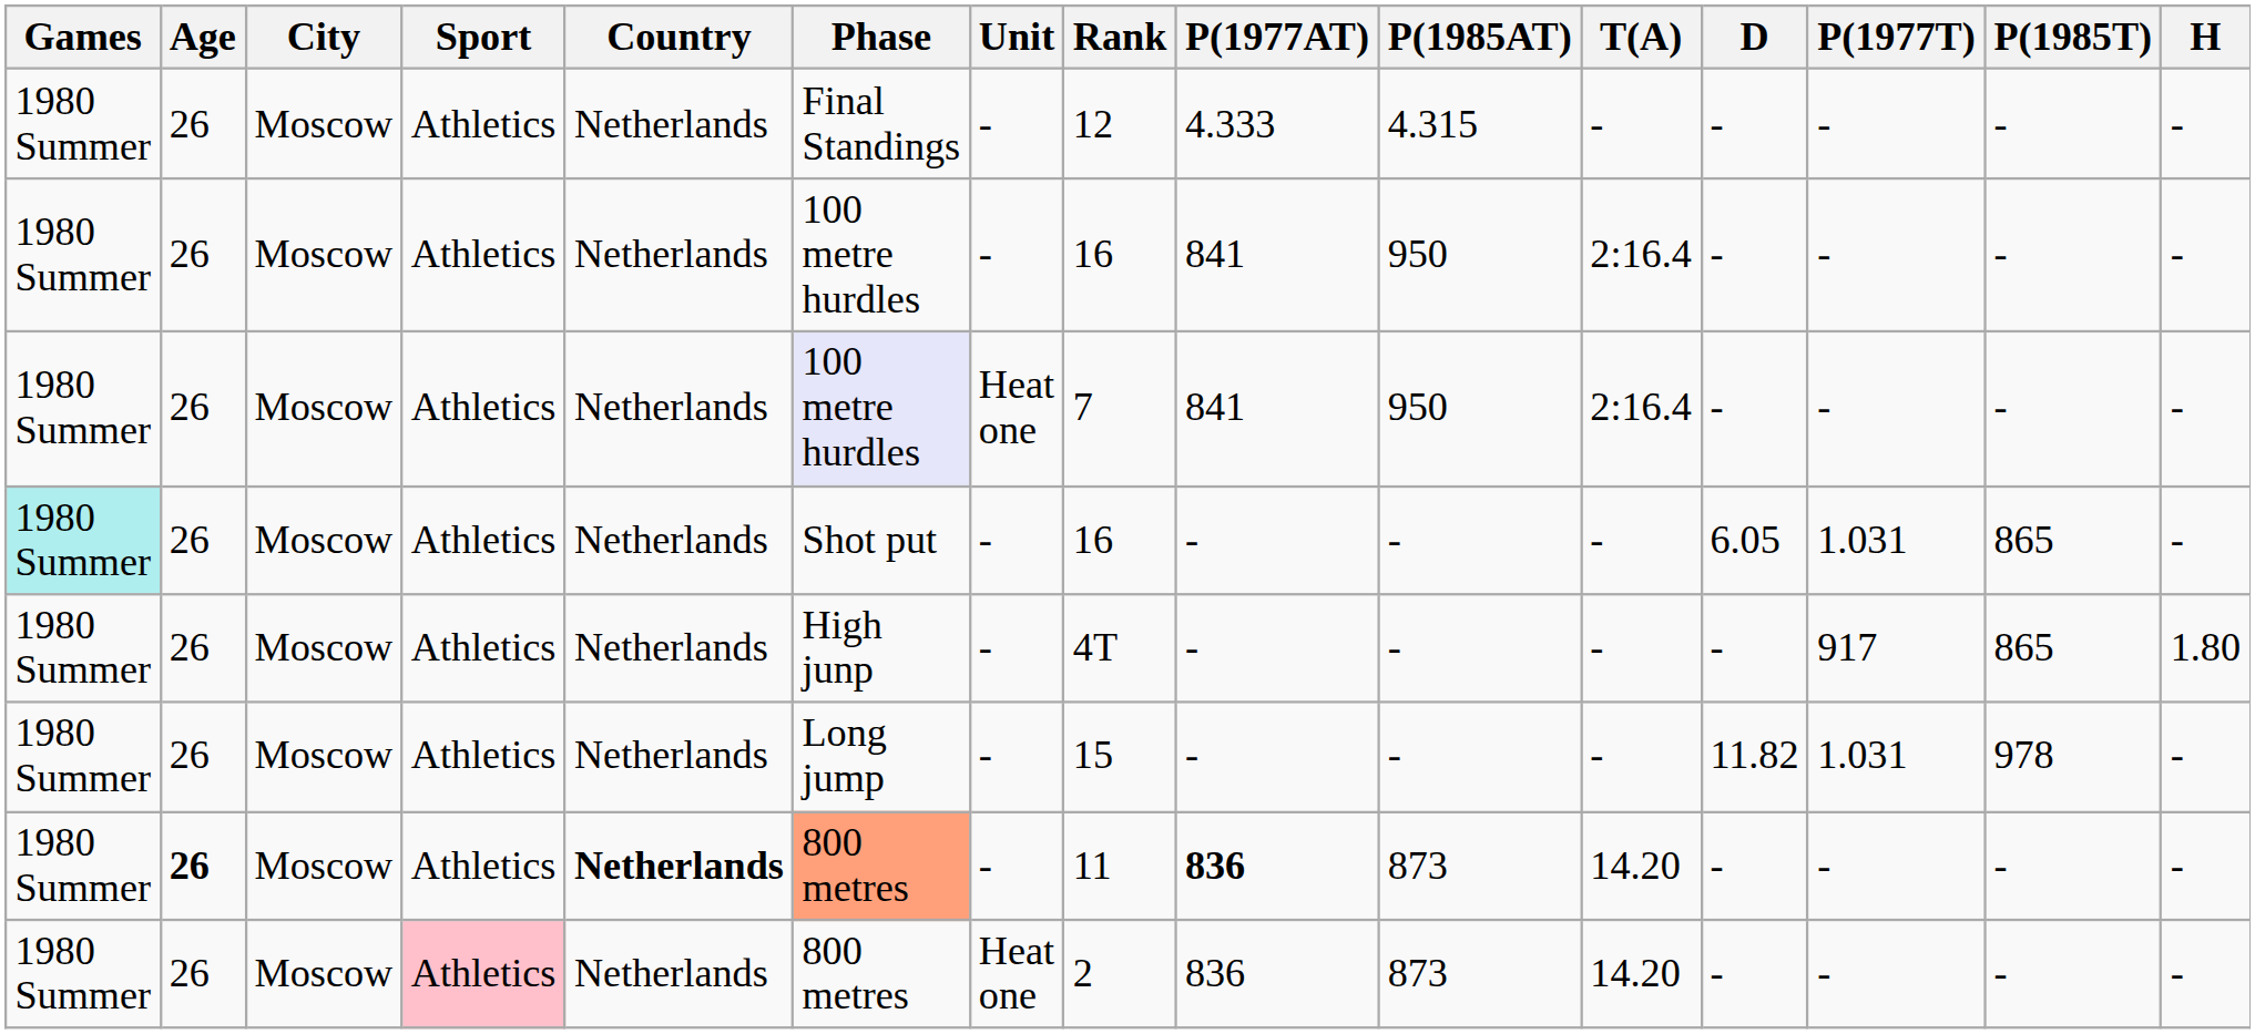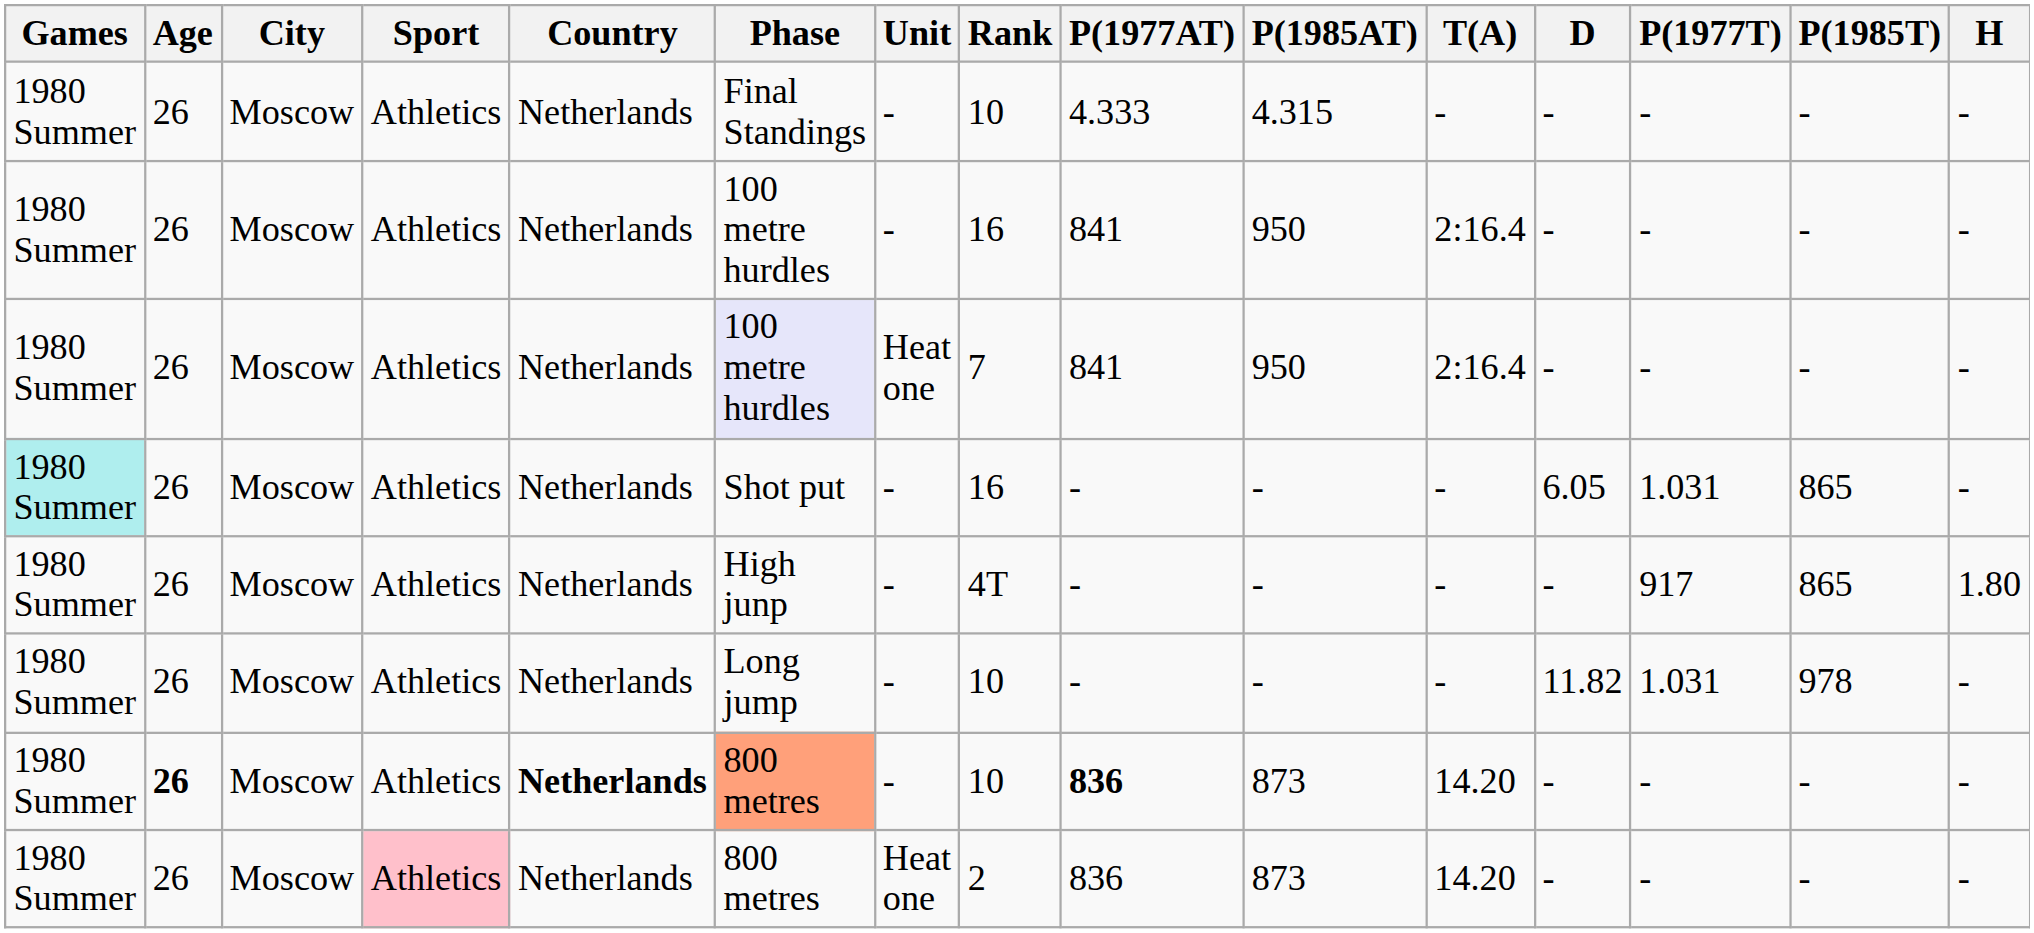 <table class="wikitable">
 <tr>
 <th>Games</th>
 <th>Age</th>
 <th>City</th>
 <th>Sport</th>
 <th>Country</th>
 <th>Phase</th>
 <th>Unit</th>
 <th>Rank</th>
 <th>P(1977AT)</th>
 <th>P(1985AT)</th>
 <th>T(A)</th>
 <th>D</th>
 <th>P(1977T)</th>
 <th>P(1985T)</th>
 <th>H</th>
 </tr>
 <tr>
 <td>1980 Summer</td>
 <td>26</td>
 <td>Moscow</td>
 <td>Athletics</td>
 <td>Netherlands</td>
 <td>Final Standings</td>
 <td>-</td>
-<td>12</td>
+<td>10</td>
 <td>4.333</td>
 <td>4.315</td>
 <td>-</td>
 <td>-</td>
 <td>-</td>
 <td>-</td>
 <td>-</td>
 </tr>
 <tr>
 <td>1980 Summer</td>
 <td>26</td>
 <td>Moscow</td>
 <td>Athletics</td>
 <td>Netherlands</td>
 <td>100 metre hurdles</td>
 <td>-</td>
 <td>16</td>
 <td>841</td>
 <td>950</td>
 <td>2:16.4</td>
 <td>-</td>
 <td>-</td>
 <td>-</td>
 <td>-</td>
 </tr>
 <tr>
 <td>1980 Summer</td>
 <td>26</td>
 <td>Moscow</td>
 <td>Athletics</td>
 <td>Netherlands</td>
 <td style="background: lavender;">100 metre hurdles</td>
 <td>Heat one</td>
 <td>7</td>
 <td>841</td>
 <td>950</td>
 <td>2:16.4</td>
 <td>-</td>
 <td>-</td>
 <td>-</td>
 <td>-</td>
 </tr>
 <tr>
 <td style="background: paleturquoise;">1980 Summer</td>
 <td>26</td>
 <td>Moscow</td>
 <td>Athletics</td>
 <td>Netherlands</td>
 <td>Shot put</td>
 <td>-</td>
 <td>16</td>
 <td>-</td>
 <td>-</td>
 <td>-</td>
 <td>6.05</td>
 <td>1.031</td>
 <td>865</td>
 <td>-</td>
 </tr>
 <tr>
 <td>1980 Summer</td>
 <td>26</td>
 <td>Moscow</td>
 <td>Athletics</td>
 <td>Netherlands</td>
 <td>High junp</td>
 <td>-</td>
 <td>4T</td>
 <td>-</td>
 <td>-</td>
 <td>-</td>
 <td>-</td>
 <td>917</td>
 <td>865</td>
 <td>1.80</td>
 </tr>
 <tr>
 <td>1980 Summer</td>
 <td>26</td>
 <td>Moscow</td>
 <td>Athletics</td>
 <td>Netherlands</td>
 <td>Long jump</td>
 <td>-</td>
-<td>15</td>
+<td>10</td>
 <td>-</td>
 <td>-</td>
 <td>-</td>
 <td>11.82</td>
 <td>1.031</td>
 <td>978</td>
 <td>-</td>
 </tr>
 <tr>
 <td>1980 Summer</td>
 <td><strong>26</strong></td>
 <td>Moscow</td>
 <td>Athletics</td>
 <td><strong>Netherlands</strong></td>
 <td style="background: lightsalmon;">800 metres</td>
 <td>-</td>
-<td>11</td>
+<td>10</td>
 <td><strong>836</strong></td>
 <td>873</td>
 <td>14.20</td>
 <td>-</td>
 <td>-</td>
 <td>-</td>
 <td>-</td>
 </tr>
 <tr>
 <td>1980 Summer</td>
 <td>26</td>
 <td>Moscow</td>
 <td style="background: pink;">Athletics</td>
 <td>Netherlands</td>
 <td>800 metres</td>
 <td>Heat one</td>
 <td>2</td>
 <td>836</td>
 <td>873</td>
 <td>14.20</td>
 <td>-</td>
 <td>-</td>
 <td>-</td>
 <td>-</td>
 </tr>
 </table>
